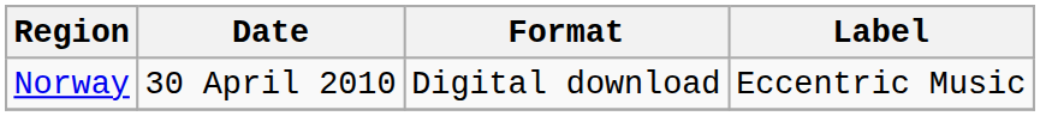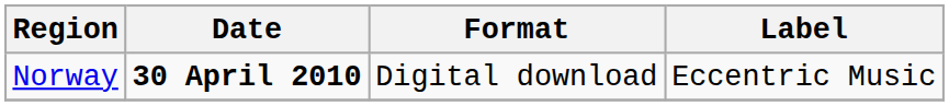 <table class=wikitable>
 <tr>
 <th>Region</th>
 <th>Date</th>
 <th>Format</th>
 <th>Label</th>
 </tr>
 <tr>
 <td><a href='#'>Norway</a></td>
-<td>30 April 2010</td>
+<td><strong>30 April 2010</strong></td>
 <td>Digital download</td>
 <td>Eccentric Music</td>
 </tr>
 <tr>
 </tr>
 </table>
